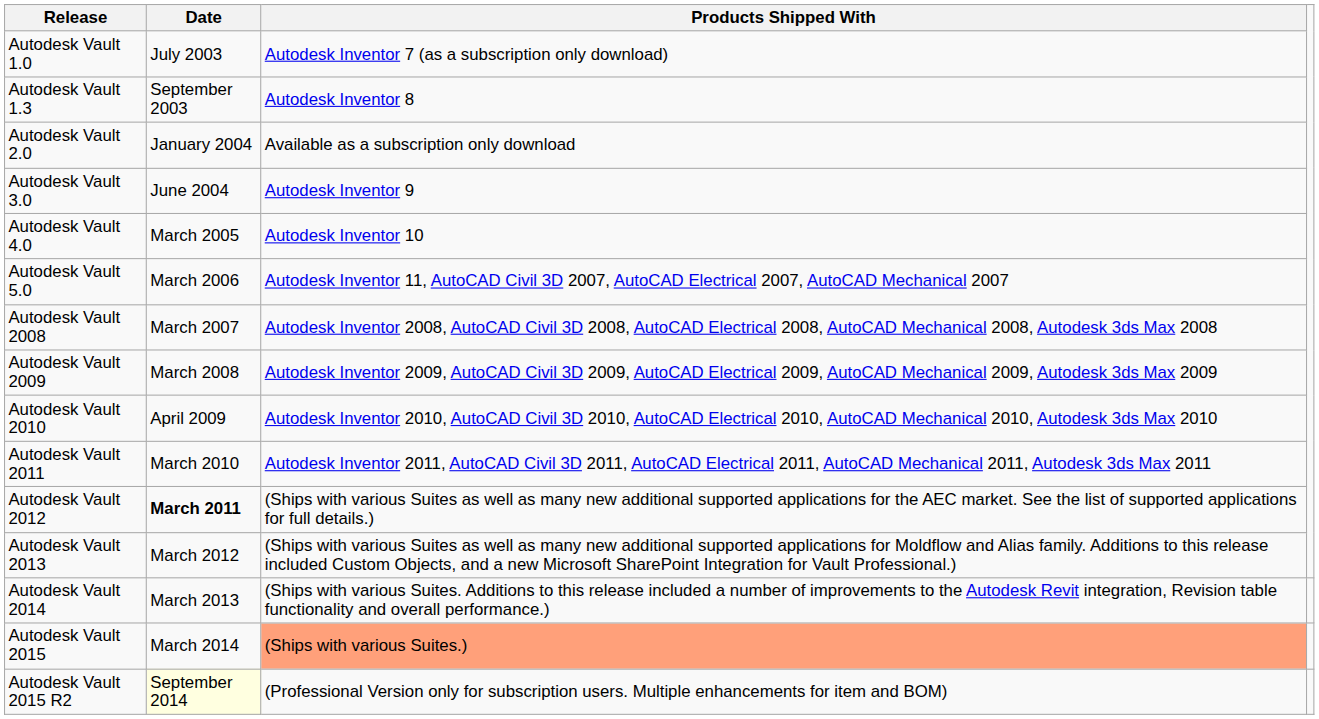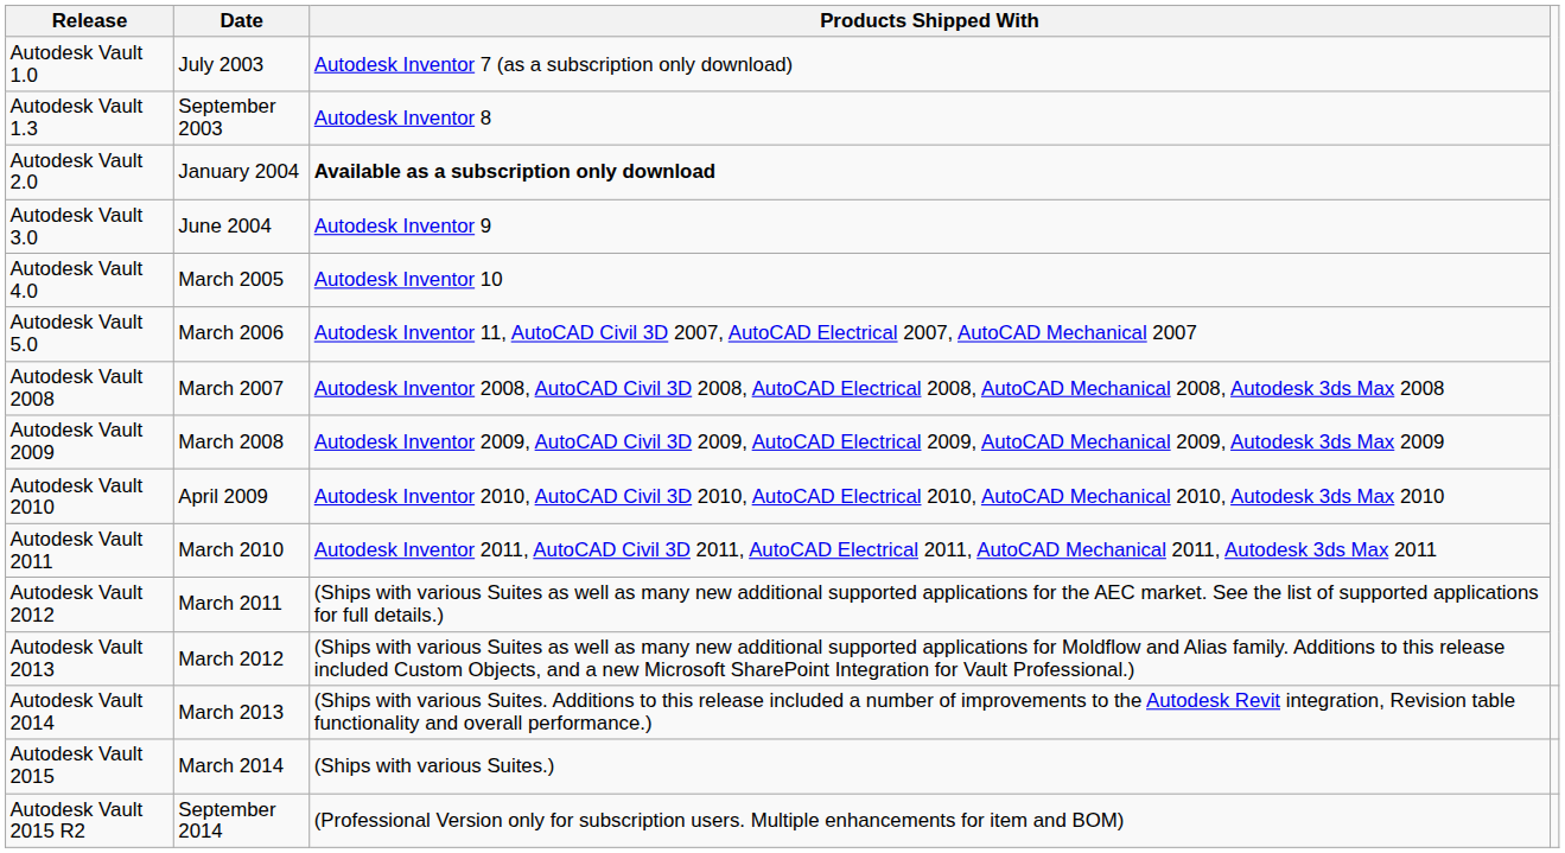 <table class="wikitable">
 <tr>
 <th>Release</th>
 <th>Date</th>
 <th>Products Shipped With</th>
 </tr>
 <tr>
 <td>Autodesk Vault 1.0</td>
 <td>July 2003</td>
 <td><a href='#'>Autodesk Inventor</a> 7 (as a subscription only download)</td>
 </tr>
 <tr>
 <td>Autodesk Vault 1.3</td>
 <td>September 2003</td>
 <td><a href='#'>Autodesk Inventor</a> 8</td>
 </tr>
 <tr>
 <td>Autodesk Vault 2.0</td>
 <td>January 2004</td>
-<td>Available as a subscription only download</td>
+<td><strong>Available as a subscription only download</strong></td>
 </tr>
 <tr>
 <td>Autodesk Vault 3.0</td>
 <td>June 2004</td>
 <td><a href='#'>Autodesk Inventor</a> 9</td>
 </tr>
 <tr>
 <td>Autodesk Vault 4.0</td>
 <td>March 2005</td>
 <td><a href='#'>Autodesk Inventor</a> 10</td>
 </tr>
 <tr>
 <td>Autodesk Vault 5.0</td>
 <td>March 2006</td>
 <td><a href='#'>Autodesk Inventor</a> 11, <a href='#'>AutoCAD Civil 3D</a> 2007, <a href='#'>AutoCAD Electrical</a> 2007, <a href='#'>AutoCAD Mechanical</a> 2007</td>
 </tr>
 <tr>
 <td>Autodesk Vault 2008</td>
 <td>March 2007</td>
 <td><a href='#'>Autodesk Inventor</a> 2008, <a href='#'>AutoCAD Civil 3D</a> 2008, <a href='#'>AutoCAD Electrical</a> 2008, <a href='#'>AutoCAD Mechanical</a> 2008, <a href='#'>Autodesk 3ds Max</a> 2008</td>
 </tr>
 <tr>
 <td>Autodesk Vault 2009</td>
 <td>March 2008</td>
 <td><a href='#'>Autodesk Inventor</a> 2009, <a href='#'>AutoCAD Civil 3D</a> 2009, <a href='#'>AutoCAD Electrical</a> 2009, <a href='#'>AutoCAD Mechanical</a> 2009, <a href='#'>Autodesk 3ds Max</a> 2009</td>
 </tr>
 <tr>
 <td>Autodesk Vault 2010</td>
 <td>April 2009</td>
 <td><a href='#'>Autodesk Inventor</a> 2010, <a href='#'>AutoCAD Civil 3D</a> 2010, <a href='#'>AutoCAD Electrical</a> 2010, <a href='#'>AutoCAD Mechanical</a> 2010, <a href='#'>Autodesk 3ds Max</a> 2010</td>
 </tr>
 <tr>
 <td>Autodesk Vault 2011</td>
 <td>March 2010</td>
 <td><a href='#'>Autodesk Inventor</a> 2011, <a href='#'>AutoCAD Civil 3D</a> 2011, <a href='#'>AutoCAD Electrical</a> 2011, <a href='#'>AutoCAD Mechanical</a> 2011, <a href='#'>Autodesk 3ds Max</a> 2011</td>
 </tr>
 <tr>
 <td>Autodesk Vault 2012</td>
-<td><strong>March 2011</strong></td>
+<td>March 2011</td>
 <td>(Ships with various Suites as well as many new additional supported applications for the AEC market.  See the list of supported applications for full details.)</td>
 </tr>
 <tr>
 <td>Autodesk Vault 2013</td>
 <td>March 2012</td>
 <td>(Ships with various Suites as well as many new additional supported applications for Moldflow and Alias family.  Additions to this release included Custom Objects, and a new Microsoft SharePoint Integration for Vault Professional.)</td>
 </tr>
 <tr>
 <td>Autodesk Vault 2014</td>
 <td>March 2013</td>
 <td>(Ships with various Suites. Additions to this release included a number of improvements to the <a href='#'>Autodesk Revit</a> integration, Revision table functionality and overall performance.)</td>
 <td></td>
 </tr>
 <tr>
 <td>Autodesk Vault 2015</td>
 <td>March 2014</td>
-<td style="background: lightsalmon;">(Ships with various Suites.)</td>
+<td>(Ships with various Suites.)</td>
 <td></td>
 </tr>
 <tr>
 <td>Autodesk Vault 2015 R2</td>
-<td style="background: lightyellow;">September 2014</td>
+<td>September 2014</td>
 <td>(Professional Version only for subscription users. Multiple enhancements for item and BOM)</td>
 </tr>
 </table>
